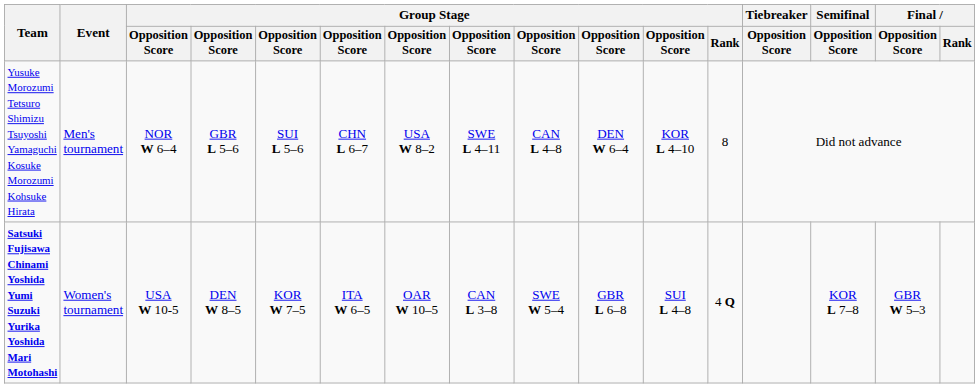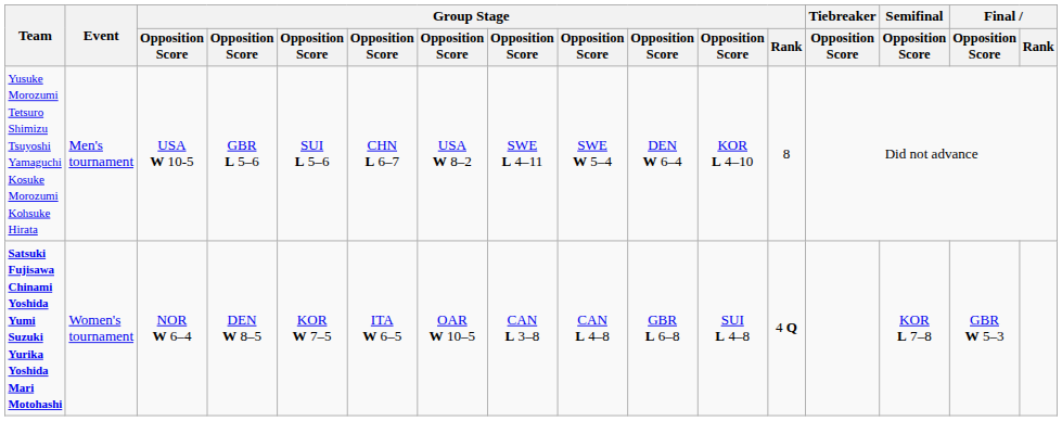 <table class="wikitable" style="font-size:90%">
 <tr>
 <th rowspan=2>Team</th>
 <th rowspan=2>Event</th>
 <th colspan=10>Group Stage</th>
 <th>Tiebreaker</th>
 <th>Semifinal</th>
 <th colspan=2>Final / </th>
 </tr>
 <tr style="font-size:95%">
 <th>Opposition<br>Score</th>
 <th>Opposition<br>Score</th>
 <th>Opposition<br>Score</th>
 <th>Opposition<br>Score</th>
 <th>Opposition<br>Score</th>
 <th>Opposition<br>Score</th>
 <th>Opposition<br>Score</th>
 <th>Opposition<br>Score</th>
 <th>Opposition<br>Score</th>
 <th>Rank</th>
 <th>Opposition<br>Score</th>
 <th>Opposition<br>Score</th>
 <th>Opposition<br>Score</th>
 <th>Rank</th>
 </tr>
 <tr align=center>
 <td align=left><small><a href='#'>Yusuke Morozumi</a><br><a href='#'>Tetsuro Shimizu</a><br><a href='#'>Tsuyoshi Yamaguchi</a><br><a href='#'>Kosuke Morozumi</a><br><a href='#'>Kohsuke Hirata</a></small></td>
 <td align=left><a href='#'>Men's tournament</a></td>
-<td> <a href='#'>NOR</a><br><strong>W</strong> 6–4</td>
+<td> <a href='#'>USA</a><br><strong>W</strong> 10-5</td>
 <td> <a href='#'>GBR</a><br> <strong>L</strong> 5–6</td>
 <td> <a href='#'>SUI</a><br><strong>L</strong> 5–6</td>
 <td> <a href='#'>CHN</a><br><strong>L</strong> 6–7</td>
 <td> <a href='#'>USA</a><br> <strong>W</strong> 8–2</td>
 <td> <a href='#'>SWE</a><br> <strong>L</strong> 4–11</td>
-<td> <a href='#'>CAN</a><br> <strong>L</strong> 4–8</td>
+<td> <a href='#'>SWE</a><br> <strong>W</strong> 5–4</td>
 <td> <a href='#'>DEN</a><br> <strong>W</strong> 6–4</td>
 <td> <a href='#'>KOR</a><br> <strong>L</strong> 4–10</td>
 <td>8</td>
 <td colspan=4>Did not advance</td>
 </tr>
 <tr align=center>
 <td align=left><small><strong><a href='#'>Satsuki Fujisawa</a><br><a href='#'>Chinami Yoshida</a><br><a href='#'>Yumi Suzuki</a><br><a href='#'>Yurika Yoshida</a><br><a href='#'>Mari Motohashi</a></strong></small></td>
 <td align=left><a href='#'>Women's tournament</a></td>
-<td> <a href='#'>USA</a><br><strong>W</strong> 10-5</td>
+<td> <a href='#'>NOR</a><br><strong>W</strong> 6–4</td>
 <td> <a href='#'>DEN</a><br> <strong>W</strong> 8–5</td>
 <td> <a href='#'>KOR</a><br> <strong>W</strong> 7–5</td>
 <td> <a href='#'>ITA</a><br> <strong>W</strong> 6–5</td>
 <td> <a href='#'>OAR</a><br> <strong>W</strong> 10–5</td>
 <td> <a href='#'>CAN</a><br> <strong>L</strong> 3–8</td>
-<td> <a href='#'>SWE</a><br> <strong>W</strong> 5–4</td>
+<td> <a href='#'>CAN</a><br> <strong>L</strong> 4–8</td>
 <td> <a href='#'>GBR</a><br> <strong>L</strong> 6–8</td>
 <td> <a href='#'>SUI</a><br> <strong>L</strong> 4–8</td>
 <td>4 <strong>Q</strong></td>
 <td></td>
 <td> <a href='#'>KOR</a><br> <strong>L</strong> 7–8</td>
 <td> <a href='#'>GBR</a><br> <strong>W</strong> 5–3</td>
 <td></td>
 </tr>
 </table>
